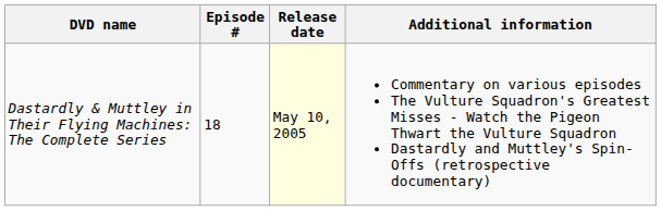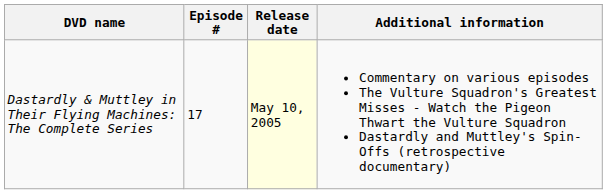 <table class="wikitable">
 <tr>
 <th>DVD name</th>
 <th>Episode #</th>
 <th>Release date</th>
 <th>Additional information</th>
 </tr>
 <tr>
 <td><em>Dastardly & Muttley in Their Flying Machines: The Complete Series</em></td>
-<td>18</td>
+<td>17</td>
 <td style="background: lightyellow;">May 10, 2005</td>
 <td><br><ul><li>Commentary on various episodes</li><li>The Vulture Squadron's Greatest Misses - Watch the Pigeon Thwart the Vulture Squadron</li><li>Dastardly and Muttley's Spin-Offs (retrospective documentary)</li></ul></td>
 </tr>
 </table>
